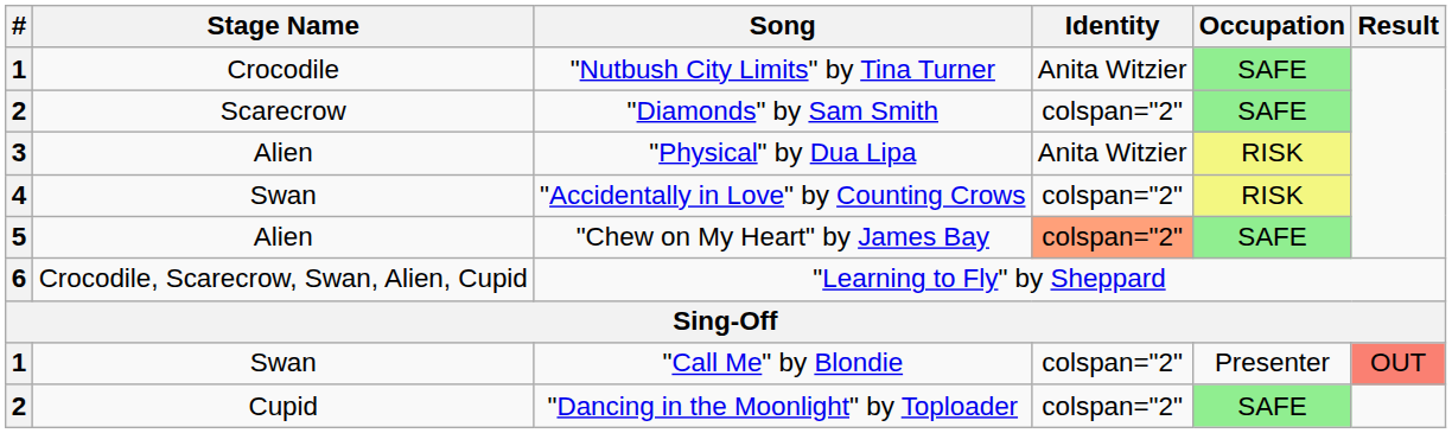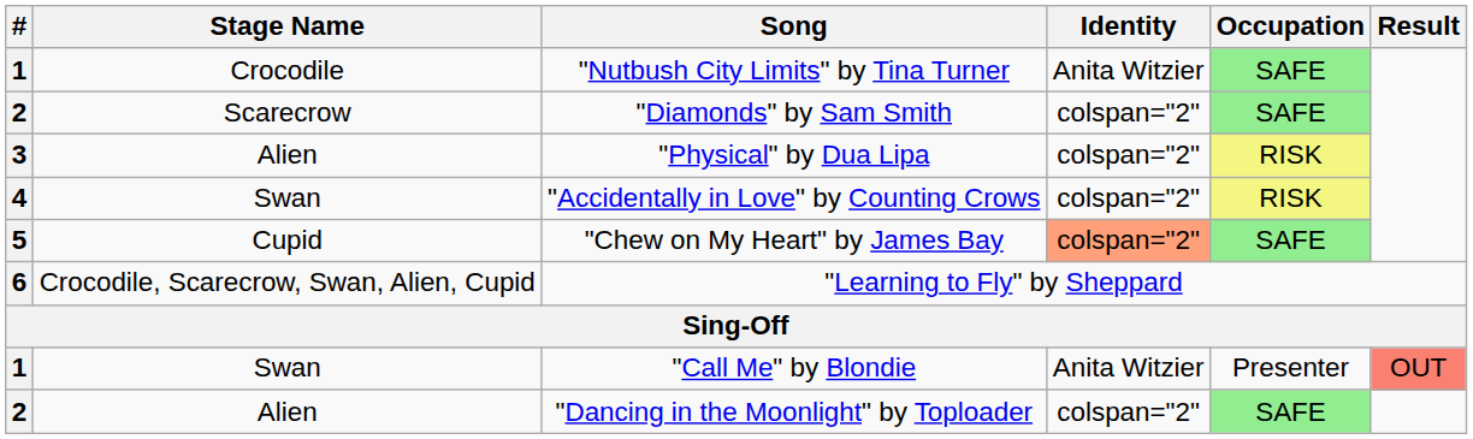 <table class="wikitable plainrowheaders" style="text-align: center;">
 <tr>
 <th><strong>#</strong></th>
 <th><strong>Stage Name</strong></th>
 <th><strong>Song</strong></th>
 <th>Identity</th>
 <th><strong>Occupation</strong></th>
 <th>Result</th>
 </tr>
 <tr>
 <th>1</th>
 <td>Crocodile</td>
 <td>"<a href='#'>Nutbush City Limits</a>" by <a href='#'>Tina Turner</a></td>
 <td>Anita Witzier</td>
 <td bgcolor="lightgreen">SAFE</td>
 </tr>
 <tr>
 <th>2</th>
 <td>Scarecrow</td>
 <td>"<a href='#'>Diamonds</a>" by <a href='#'>Sam Smith</a></td>
 <td>colspan="2" </td>
 <td bgcolor="lightgreen">SAFE</td>
 </tr>
 <tr>
 <th>3</th>
 <td>Alien</td>
 <td>"<a href='#'>Physical</a>" by <a href='#'>Dua Lipa</a></td>
-<td>Anita Witzier</td>
+<td>colspan="2" </td>
 <td bgcolor="#F3F781">RISK</td>
 </tr>
 <tr>
 <th>4</th>
 <td>Swan</td>
 <td>"<a href='#'>Accidentally in Love</a>" by <a href='#'>Counting Crows</a></td>
 <td>colspan="2" </td>
 <td bgcolor="#F3F781">RISK</td>
 </tr>
 <tr>
 <th>5</th>
-<td>Alien</td>
+<td>Cupid</td>
 <td>"Chew on My Heart" by <a href='#'>James Bay</a></td>
 <td style="background: lightsalmon;">colspan="2" </td>
 <td bgcolor="lightgreen">SAFE</td>
 </tr>
 <tr>
 <th>6</th>
 <td>Crocodile, Scarecrow, Swan, Alien, Cupid</td>
 <td colspan="4">"<a href='#'>Learning to Fly</a>" by <a href='#'>Sheppard</a></td>
 </tr>
 <tr>
 <th colspan="6">Sing-Off</th>
 </tr>
 <tr>
 <th>1</th>
 <td>Swan</td>
 <td>"<a href='#'>Call Me</a>" by <a href='#'>Blondie</a></td>
-<td>colspan="2" </td>
+<td>Anita Witzier</td>
 <td>Presenter</td>
 <td bgcolor="salmon">OUT</td>
 </tr>
 <tr>
 <th>2</th>
-<td>Cupid</td>
+<td>Alien</td>
 <td>"<a href='#'>Dancing in the Moonlight</a>" by <a href='#'>Toploader</a></td>
 <td>colspan="2" </td>
 <td bgcolor="lightgreen">SAFE</td>
 </tr>
 </table>
